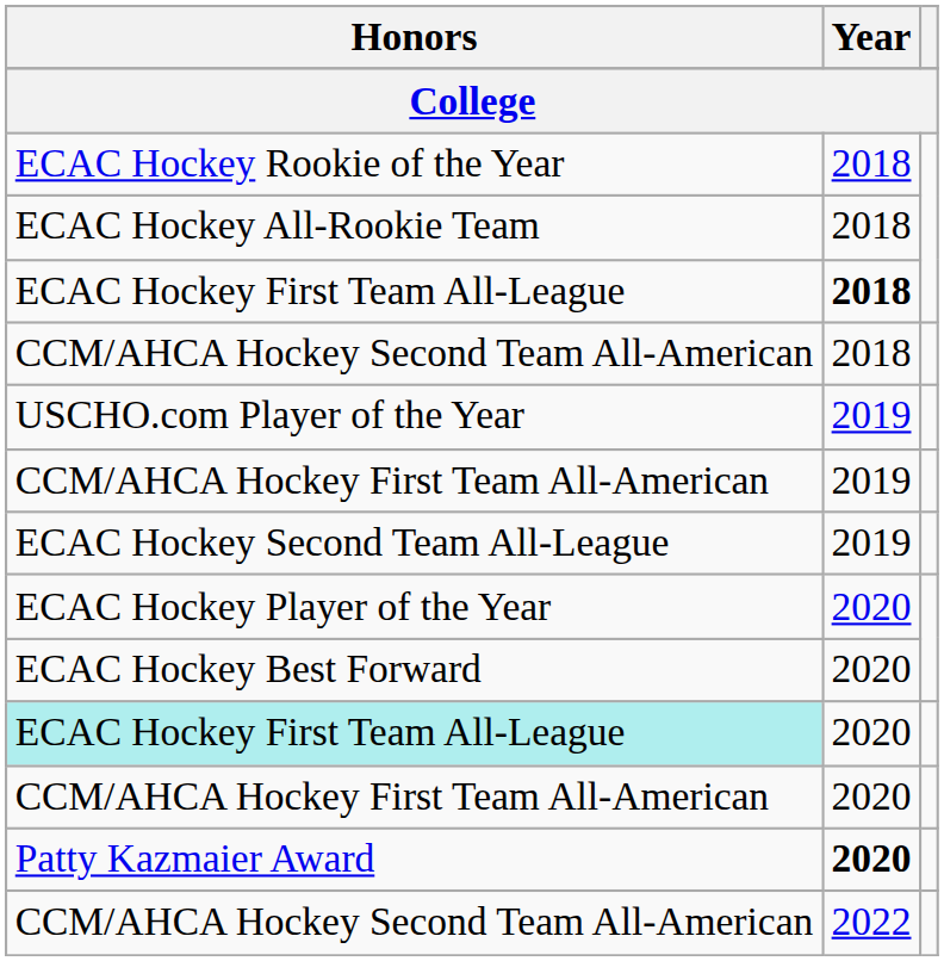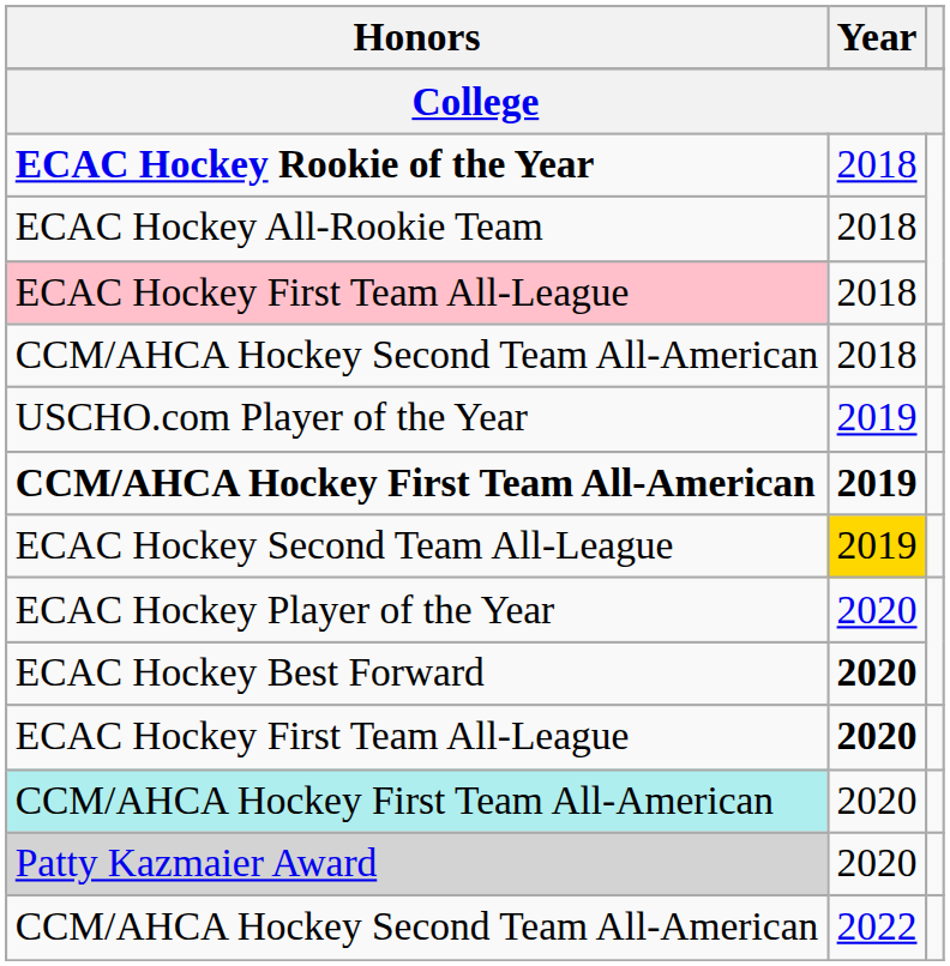 <table class="wikitable">
 <tr>
 <th>Honors</th>
 <th>Year</th>
 <th></th>
 </tr>
 <tr>
 </tr>
 <tr>
 <th colspan="3"><a href='#'>College</a></th>
 </tr>
 <tr>
-<td><a href='#'>ECAC Hockey</a> Rookie of the Year</td>
+<td><strong><a href='#'>ECAC Hockey</a> Rookie of the Year</strong></td>
 <td><a href='#'>2018</a></td>
 <td rowspan="3"></td>
 </tr>
 <tr>
 <td>ECAC Hockey All-Rookie Team</td>
 <td>2018</td>
 </tr>
 <tr>
-<td>ECAC Hockey First Team All-League</td>
-<td><strong>2018</strong></td>
+<td style="background: pink;">ECAC Hockey First Team All-League</td>
+<td>2018</td>
 </tr>
 <tr>
 <td>CCM/AHCA Hockey Second Team All-American</td>
 <td>2018</td>
 <td></td>
 </tr>
 <tr>
 <td>USCHO.com Player of the Year</td>
 <td><a href='#'>2019</a></td>
 <td></td>
 </tr>
 <tr>
-<td>CCM/AHCA Hockey First Team All-American</td>
-<td>2019</td>
+<td><strong>CCM/AHCA Hockey First Team All-American</strong></td>
+<td><strong>2019</strong></td>
 <td></td>
 </tr>
 <tr>
 <td>ECAC Hockey Second Team All-League</td>
-<td>2019</td>
+<td style="background: gold;">2019</td>
 <td></td>
 </tr>
 <tr>
 <td>ECAC Hockey Player of the Year</td>
 <td><a href='#'>2020</a></td>
 <td rowspan="2"></td>
 </tr>
 <tr>
 <td>ECAC Hockey Best Forward</td>
-<td>2020</td>
+<td><strong>2020</strong></td>
 </tr>
 <tr>
-<td style="background: paleturquoise;">ECAC Hockey First Team All-League</td>
+<td>ECAC Hockey First Team All-League</td>
+<td><strong>2020</strong></td>
+<td></td>
+</tr>
+<tr>
+<td style="background: paleturquoise;">CCM/AHCA Hockey First Team All-American</td>
 <td>2020</td>
 <td></td>
 </tr>
 <tr>
-<td>CCM/AHCA Hockey First Team All-American</td>
+<td style="background: lightgrey;"><a href='#'>Patty Kazmaier Award</a></td>
 <td>2020</td>
-<td></td>
-</tr>
-<tr>
-<td><a href='#'>Patty Kazmaier Award</a></td>
-<td><strong>2020</strong></td>
 <td></td>
 </tr>
 <tr>
 <td>CCM/AHCA Hockey Second Team All-American</td>
 <td><a href='#'>2022</a></td>
 <td></td>
 </tr>
 </table>
